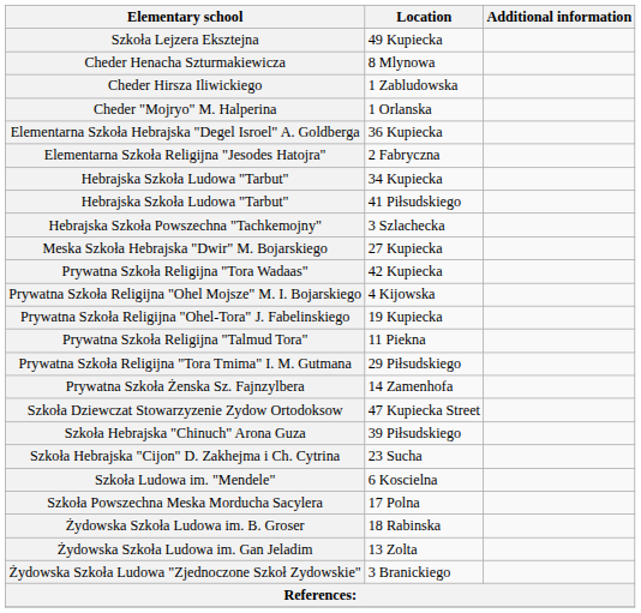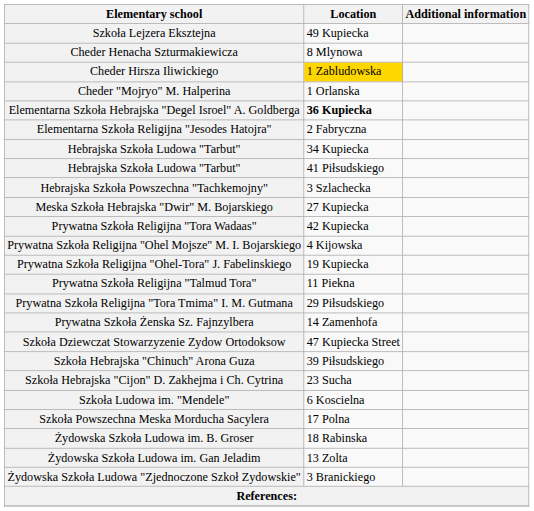 <table class="wikitable">
 <tr>
 <th scope="col">Elementary school</th>
 <th scope="col">Location</th>
 <th scope="col">Additional information</th>
 </tr>
 <tr>
 <th scope="row" style="font-weight:normal;">Szkoła Lejzera Eksztejna</th>
 <td>49 Kupiecka</td>
 <td></td>
 </tr>
 <tr>
 <th scope="row" style="font-weight:normal;">Cheder Henacha Szturmakiewicza</th>
 <td>8 Mlynowa</td>
 <td></td>
 </tr>
 <tr>
 <th scope="row" style="font-weight:normal;">Cheder Hirsza Iliwickiego</th>
-<td>1 Zabludowska</td>
+<td style="background: gold;">1 Zabludowska</td>
 <td></td>
 </tr>
 <tr>
 <th scope="row" style="font-weight:normal;">Cheder "Mojryo" M. Halperina</th>
 <td>1 Orlanska</td>
 <td></td>
 </tr>
 <tr>
 <th scope="row" style="font-weight:normal;">Elementarna Szkoła Hebrajska "Degel Isroel" A. Goldberga</th>
-<td>36 Kupiecka</td>
+<td><strong>36 Kupiecka</strong></td>
 <td></td>
 </tr>
 <tr>
 <th scope="row" style="font-weight:normal;">Elementarna Szkoła Religijna "Jesodes Hatojra"</th>
 <td>2 Fabryczna</td>
 <td></td>
 </tr>
 <tr>
 <th scope="row" style="font-weight:normal;">Hebrajska Szkoła Ludowa "Tarbut"</th>
 <td>34 Kupiecka</td>
 <td></td>
 </tr>
 <tr>
 <th scope="row" style="font-weight:normal;">Hebrajska Szkoła Ludowa "Tarbut"</th>
 <td>41 Piłsudskiego</td>
 <td></td>
 </tr>
 <tr>
 <th scope="row" style="font-weight:normal;">Hebrajska Szkoła Powszechna "Tachkemojny"</th>
 <td>3 Szlachecka</td>
 <td></td>
 </tr>
 <tr>
 <th scope="row" style="font-weight:normal;">Meska Szkoła Hebrajska "Dwir" M. Bojarskiego</th>
 <td>27 Kupiecka</td>
 <td></td>
 </tr>
 <tr>
 <th scope="row" style="font-weight:normal;">Prywatna Szkoła Religijna "Tora Wadaas"</th>
 <td>42 Kupiecka</td>
 <td></td>
 </tr>
 <tr>
 <th scope="row" style="font-weight:normal;">Prywatna Szkoła Religijna "Ohel Mojsze" M. I. Bojarskiego</th>
 <td>4 Kijowska</td>
 <td></td>
 </tr>
 <tr>
 <th scope="row" style="font-weight:normal;">Prywatna Szkoła Religijna "Ohel-Tora" J. Fabelinskiego</th>
 <td>19 Kupiecka</td>
 <td></td>
 </tr>
 <tr>
 <th scope="row" style="font-weight:normal;">Prywatna Szkoła Religijna "Talmud Tora"</th>
 <td>11 Piekna</td>
 <td></td>
 </tr>
 <tr>
 <th scope="row" style="font-weight:normal;">Prywatna Szkoła Religijna "Tora Tmima" I. M. Gutmana</th>
 <td>29 Piłsudskiego</td>
 <td></td>
 </tr>
 <tr>
 <th scope="row" style="font-weight:normal;">Prywatna Szkoła Żenska Sz. Fajnzylbera</th>
 <td>14 Zamenhofa</td>
 <td></td>
 </tr>
 <tr>
 <th scope="row" style="font-weight:normal;">Szkoła Dziewczat Stowarzyzenie Zydow Ortodoksow</th>
 <td>47 Kupiecka Street</td>
 <td></td>
 </tr>
 <tr>
 <th scope="row" style="font-weight:normal;">Szkoła Hebrajska "Chinuch" Arona Guza</th>
 <td>39 Piłsudskiego</td>
 <td></td>
 </tr>
 <tr>
 <th scope="row" style="font-weight:normal;">Szkoła Hebrajska "Cijon" D. Zakhejma i Ch. Cytrina</th>
 <td>23 Sucha</td>
 <td></td>
 </tr>
 <tr>
 <th scope="row" style="font-weight:normal;">Szkoła Ludowa im. "Mendele"</th>
 <td>6 Koscielna</td>
 <td></td>
 </tr>
 <tr>
 <th scope="row" style="font-weight:normal;">Szkoła Powszechna Meska Morducha Sacylera</th>
 <td>17 Polna</td>
 <td></td>
 </tr>
 <tr>
 <th scope="row" style="font-weight:normal;">Żydowska Szkoła Ludowa im. B. Groser</th>
 <td>18 Rabinska</td>
 <td></td>
 </tr>
 <tr>
 <th scope="row" style="font-weight:normal;">Żydowska Szkoła Ludowa im. Gan Jeladim</th>
 <td>13 Zolta</td>
 <td></td>
 </tr>
 <tr>
 <th scope="row" style="font-weight:normal;">Żydowska Szkoła Ludowa "Zjednoczone Szkoł Zydowskie"</th>
 <td>3 Branickiego</td>
 <td></td>
 </tr>
 <tr>
 <th colspan="10" unsortable>References: </th>
 </tr>
 <tr>
 </tr>
 </table>
